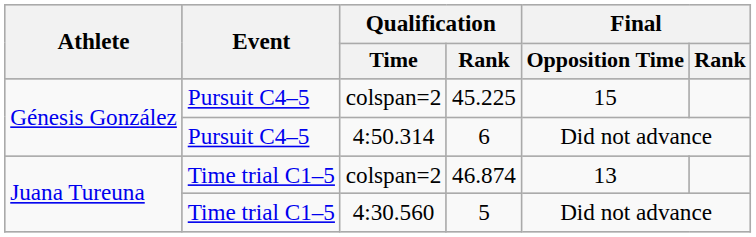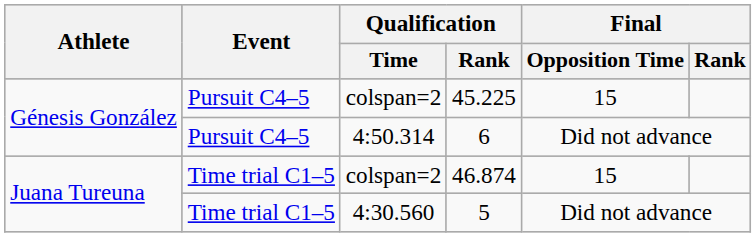 <table class=wikitable style="font-size:90%">
 <tr>
 <th rowspan="2">Athlete</th>
 <th rowspan="2">Event</th>
 <th colspan="2">Qualification</th>
 <th colspan="2">Final</th>
 </tr>
 <tr style="font-size:95%">
 <th>Time</th>
 <th>Rank</th>
 <th>Opposition Time</th>
 <th>Rank</th>
 </tr>
 <tr align=center>
 <td align=left rowspan=2><a href='#'>Génesis González</a></td>
 <td align=left><a href='#'>Pursuit C4–5</a></td>
 <td>colspan=2 </td>
 <td>45.225</td>
 <td>15</td>
 </tr>
 <tr align=center>
 <td align=left><a href='#'>Pursuit C4–5</a></td>
 <td>4:50.314</td>
 <td>6</td>
 <td colspan=2>Did not advance</td>
 </tr>
 <tr align=center>
 <td align=left rowspan=2><a href='#'>Juana Tureuna</a></td>
 <td align=left><a href='#'>Time trial C1–5</a></td>
 <td>colspan=2 </td>
 <td>46.874</td>
-<td>13</td>
+<td>15</td>
 </tr>
 <tr align=center>
 <td align=left><a href='#'>Time trial C1–5</a></td>
 <td>4:30.560</td>
 <td>5</td>
 <td colspan=2>Did not advance</td>
 </tr>
 </table>
